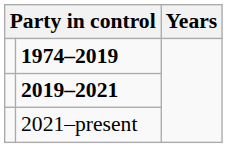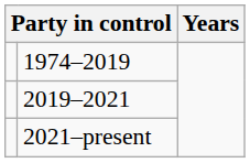 <table class="wikitable">
 <tr>
 <th colspan=2>Party in control</th>
 <th>Years</th>
 </tr>
 <tr>
 <td></td>
-<td><strong>1974–2019</strong></td>
+<td>1974–2019</td>
 </tr>
 <tr>
 <td></td>
-<td><strong>2019–2021</strong></td>
+<td>2019–2021</td>
 </tr>
 <tr>
 <td></td>
 <td>2021–present</td>
 </tr>
 </table>
